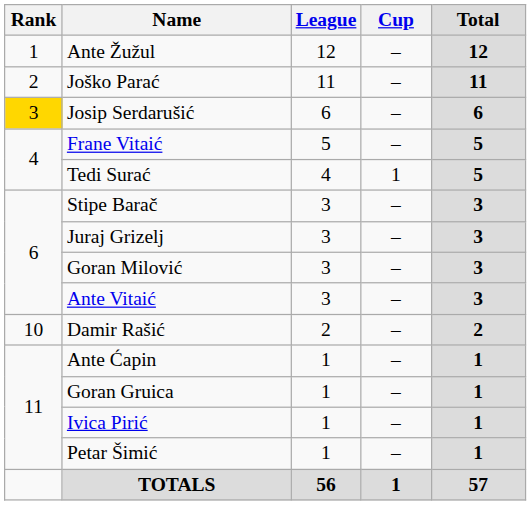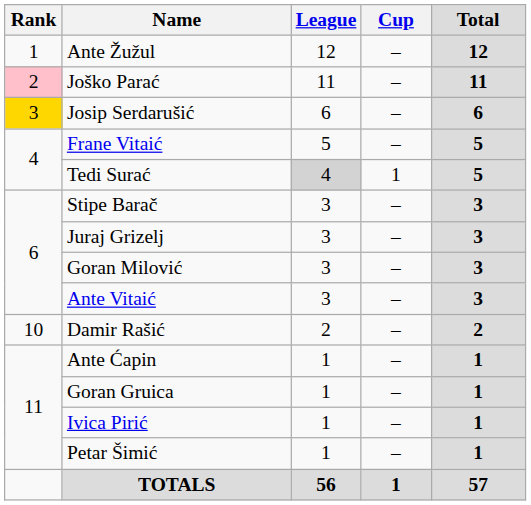 <table class="wikitable" style="text-align: center;">
 <tr>
 <th width=40>Rank</th>
 <th width=180>Name</th>
 <th width=50><a href='#'>League</a></th>
 <th width=50><a href='#'>Cup</a></th>
 <th width=70 style="background: #DCDCDC">Total</th>
 </tr>
 <tr>
 <td rowspan=1>1</td>
 <td style="text-align:left;"> Ante Žužul</td>
 <td>12</td>
 <td>–</td>
 <th style="background: #DCDCDC"><strong>12</strong></th>
 </tr>
 <tr>
-<td rowspan=1>2</td>
+<td rowspan=1 style="background: pink;">2</td>
 <td style="text-align:left;"> Joško Parać</td>
 <td>11</td>
 <td>–</td>
 <th style="background: #DCDCDC"><strong>11</strong></th>
 </tr>
 <tr>
 <td rowspan=1 style="background: gold;">3</td>
 <td style="text-align:left;"> Josip Serdarušić</td>
 <td>6</td>
 <td>–</td>
 <th style="background: #DCDCDC"><strong>6</strong></th>
 </tr>
 <tr>
 <td rowspan=2>4</td>
 <td style="text-align:left;"> <a href='#'>Frane Vitaić</a></td>
 <td>5</td>
 <td>–</td>
 <th style="background: #DCDCDC"><strong>5</strong></th>
 </tr>
 <tr>
 <td style="text-align:left;"> Tedi Surać</td>
-<td>4</td>
+<td style="background: lightgrey;">4</td>
 <td>1</td>
 <th style="background: #DCDCDC"><strong>5</strong></th>
 </tr>
 <tr>
 <td rowspan=4>6</td>
 <td style="text-align:left;"> Stipe Barač</td>
 <td>3</td>
 <td>–</td>
 <th style="background: #DCDCDC"><strong>3</strong></th>
 </tr>
 <tr>
 <td style="text-align:left;"> Juraj Grizelj</td>
 <td>3</td>
 <td>–</td>
 <th style="background: #DCDCDC"><strong>3</strong></th>
 </tr>
 <tr>
 <td style="text-align:left;"> Goran Milović</td>
 <td>3</td>
 <td>–</td>
 <th style="background: #DCDCDC"><strong>3</strong></th>
 </tr>
 <tr>
 <td style="text-align:left;"> <a href='#'>Ante Vitaić</a></td>
 <td>3</td>
 <td>–</td>
 <th style="background: #DCDCDC"><strong>3</strong></th>
 </tr>
 <tr>
 <td rowspan=1>10</td>
 <td style="text-align:left;"> Damir Rašić</td>
 <td>2</td>
 <td>–</td>
 <th style="background: #DCDCDC"><strong>2</strong></th>
 </tr>
 <tr>
 <td rowspan=4>11</td>
 <td style="text-align:left;"> Ante Ćapin</td>
 <td>1</td>
 <td>–</td>
 <th style="background: #DCDCDC"><strong>1</strong></th>
 </tr>
 <tr>
 <td style="text-align:left;"> Goran Gruica</td>
 <td>1</td>
 <td>–</td>
 <th style="background: #DCDCDC"><strong>1</strong></th>
 </tr>
 <tr>
 <td style="text-align:left;"> <a href='#'>Ivica Pirić</a></td>
 <td>1</td>
 <td>–</td>
 <th style="background: #DCDCDC"><strong>1</strong></th>
 </tr>
 <tr>
 <td style="text-align:left;"> Petar Šimić</td>
 <td>1</td>
 <td>–</td>
 <th style="background: #DCDCDC"><strong>1</strong></th>
 </tr>
 <tr>
 <td></td>
 <th style="background: #DCDCDC"><strong>TOTALS</strong></th>
 <th style="background: #DCDCDC"><strong>56</strong></th>
 <th style="background: #DCDCDC"><strong>1</strong></th>
 <th style="background: #DCDCDC"><strong>57</strong></th>
 </tr>
 </table>
